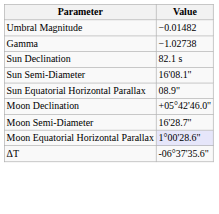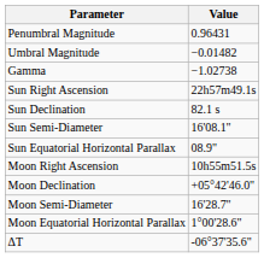 <table class="wikitable">
 <tr>
 <th>Parameter</th>
 <th>Value</th>
+</tr>
+<tr>
+<td>Penumbral Magnitude</td>
+<td>0.96431</td>
 </tr>
 <tr>
 <td>Umbral Magnitude</td>
 <td>−0.01482</td>
 </tr>
 <tr>
 <td>Gamma</td>
 <td>−1.02738</td>
+</tr>
+<tr>
+<td>Sun Right Ascension</td>
+<td>22h57m49.1s</td>
 </tr>
 <tr>
 <td>Sun Declination</td>
 <td>82.1 s</td>
 </tr>
 <tr>
 <td>Sun Semi-Diameter</td>
 <td>16'08.1"</td>
 </tr>
 <tr>
 <td>Sun Equatorial Horizontal Parallax</td>
 <td>08.9"</td>
 </tr>
 <tr>
+<td>Moon Right Ascension</td>
+<td>10h55m51.5s</td>
+</tr>
+<tr>
 <td>Moon Declination</td>
 <td>+05°42'46.0"</td>
 </tr>
 <tr>
 <td>Moon Semi-Diameter</td>
 <td>16'28.7"</td>
 </tr>
 <tr>
 <td>Moon Equatorial Horizontal Parallax</td>
-<td style="background: lavender;">1°00'28.6"</td>
+<td>1°00'28.6"</td>
 </tr>
 <tr>
 <td>ΔT</td>
 <td>-06°37'35.6"</td>
 </tr>
 </table>
